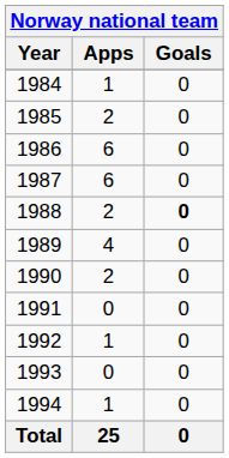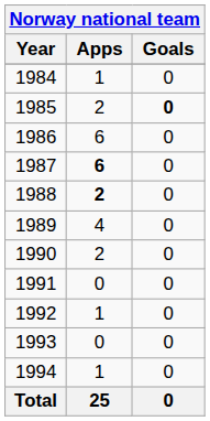 <table class="wikitable" style="text-align:center">
 <tr>
 <th colspan=3><a href='#'>Norway national team</a></th>
 </tr>
 <tr>
 <th>Year</th>
 <th>Apps</th>
 <th>Goals</th>
 </tr>
 <tr>
 </tr>
 <tr>
 <td>1984</td>
 <td>1</td>
 <td>0</td>
 </tr>
 <tr>
 <td>1985</td>
 <td>2</td>
-<td>0</td>
+<td><strong>0</strong></td>
 </tr>
 <tr>
 <td>1986</td>
 <td>6</td>
 <td>0</td>
 </tr>
 <tr>
 <td>1987</td>
-<td>6</td>
+<td><strong>6</strong></td>
 <td>0</td>
 </tr>
 <tr>
 <td>1988</td>
-<td>2</td>
-<td><strong>0</strong></td>
+<td><strong>2</strong></td>
+<td>0</td>
 </tr>
 <tr>
 <td>1989</td>
 <td>4</td>
 <td>0</td>
 </tr>
 <tr>
 <td>1990</td>
 <td>2</td>
 <td>0</td>
 </tr>
 <tr>
 <td>1991</td>
 <td>0</td>
 <td>0</td>
 </tr>
 <tr>
 <td>1992</td>
 <td>1</td>
 <td>0</td>
 </tr>
 <tr>
 <td>1993</td>
 <td>0</td>
 <td>0</td>
 </tr>
 <tr>
 <td>1994</td>
 <td>1</td>
 <td>0</td>
 </tr>
 <tr>
 <th>Total</th>
 <th>25</th>
 <th>0</th>
 </tr>
 </table>
